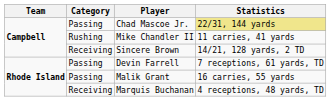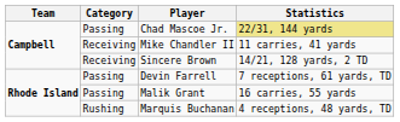 <table class="wikitable" style="float: right;">
 <tr>
 <th>Team</th>
 <th>Category</th>
 <th>Player</th>
 <th>Statistics</th>
 </tr>
 <tr>
 <td rowspan=3><strong>Campbell</strong></td>
 <td>Passing</td>
 <td>Chad Mascoe Jr.</td>
 <td style="background: khaki;">22/31, 144 yards</td>
 </tr>
 <tr>
-<td>Rushing</td>
+<td>Receiving</td>
 <td>Mike Chandler II</td>
 <td>11 carries, 41 yards</td>
 </tr>
 <tr>
 <td>Receiving</td>
 <td>Sincere Brown</td>
 <td>14/21, 128 yards, 2 TD</td>
 </tr>
 <tr>
 <td rowspan=3><strong>Rhode Island</strong></td>
 <td>Passing</td>
 <td>Devin Farrell</td>
 <td>7 receptions, 61 yards, TD</td>
 </tr>
 <tr>
 <td>Passing</td>
 <td>Malik Grant</td>
 <td>16 carries, 55 yards</td>
 </tr>
 <tr>
-<td>Receiving</td>
+<td>Rushing</td>
 <td>Marquis Buchanan</td>
 <td>4 receptions, 48 yards, TD</td>
 </tr>
 </table>
